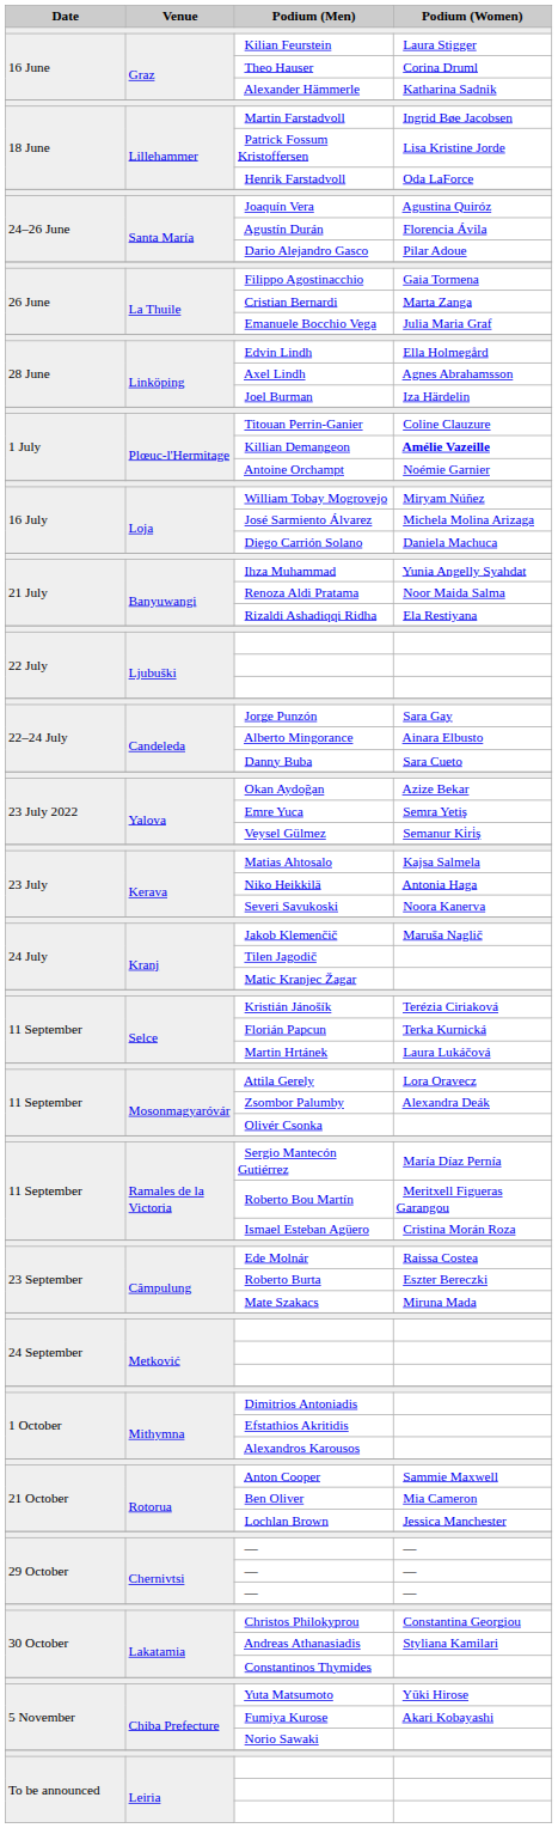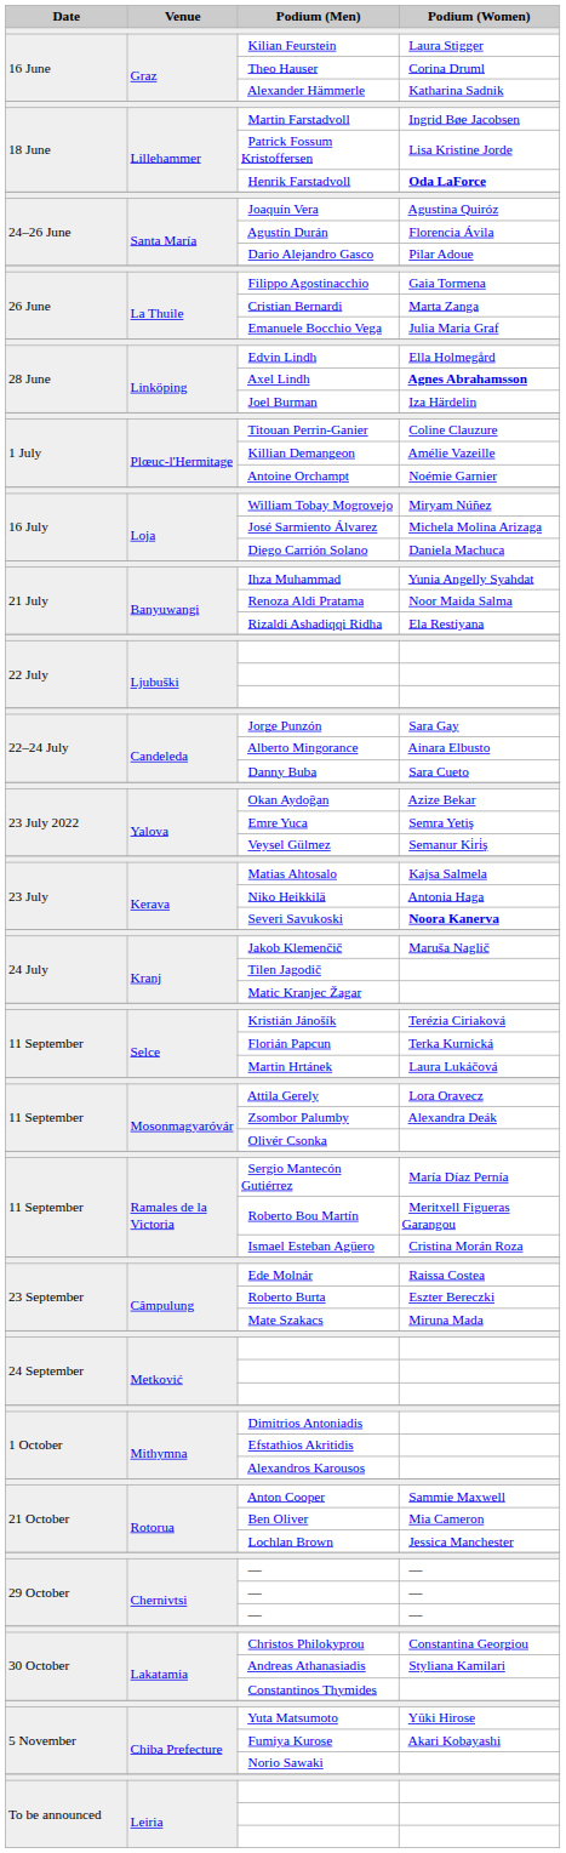 <table class="wikitable" width=70% bgcolor="#f7f8ff" cellpadding="3" cellspacing="0" border="1" style="font-size: 95%; border: gray solid 1px; border-collapse: collapse;">
 <tr bgcolor="#CCCCCC">
 <td align="center"><strong>Date</strong></td>
 <td width=20% align="center"><strong>Venue</strong></td>
 <td width=29% align="center"><strong>Podium (Men)</strong></td>
 <td width=29% align="center"><strong>Podium (Women)</strong></td>
 </tr>
 <tr bgcolor="#EFEFEF">
 <td colspan=4></td>
 </tr>
 <tr bgcolor="#EFEFEF">
 <td rowspan=3>16 June</td>
 <td rowspan=3><br><a href='#'>Graz</a></td>
 <td bgcolor="#ffffff">   <a href='#'>Kilian Feurstein</a></td>
 <td bgcolor="#ffffff">   <a href='#'>Laura Stigger</a></td>
 </tr>
 <tr>
 <td bgcolor="#ffffff">   <a href='#'>Theo Hauser</a></td>
 <td bgcolor="#ffffff">   <a href='#'>Corina Druml</a></td>
 </tr>
 <tr>
 <td bgcolor="#ffffff">   <a href='#'>Alexander Hämmerle</a></td>
 <td bgcolor="#ffffff">   <a href='#'>Katharina Sadnik</a></td>
 </tr>
 <tr>
 </tr>
 <tr bgcolor="#EFEFEF">
 <td colspan=4></td>
 </tr>
 <tr bgcolor="#EFEFEF">
 <td rowspan=3>18 June</td>
 <td rowspan=3><br><a href='#'>Lillehammer</a></td>
 <td bgcolor="#ffffff">   <a href='#'>Martin Farstadvoll</a></td>
 <td bgcolor="#ffffff">   <a href='#'>Ingrid Bøe Jacobsen</a></td>
 </tr>
 <tr>
 <td bgcolor="#ffffff">   <a href='#'>Patrick Fossum Kristoffersen</a></td>
 <td bgcolor="#ffffff">   <a href='#'>Lisa Kristine Jorde</a></td>
 </tr>
 <tr>
 <td bgcolor="#ffffff">   <a href='#'>Henrik Farstadvoll</a></td>
-<td bgcolor="#ffffff">   <a href='#'>Oda LaForce</a></td>
+<td bgcolor="#ffffff"><strong>   <a href='#'>Oda LaForce</a></strong></td>
 </tr>
 <tr>
 </tr>
 <tr bgcolor="#EFEFEF">
 <td colspan=4></td>
 </tr>
 <tr bgcolor="#EFEFEF">
 <td rowspan=3>24–26 June</td>
 <td rowspan=3><br><a href='#'>Santa María</a></td>
 <td bgcolor="#ffffff">   <a href='#'>Joaquín Vera</a></td>
 <td bgcolor="#ffffff">   <a href='#'>Agustina Quiróz</a></td>
 </tr>
 <tr>
 <td bgcolor="#ffffff">   <a href='#'>Agustín Durán</a></td>
 <td bgcolor="#ffffff">   <a href='#'>Florencia Ávila</a></td>
 </tr>
 <tr>
 <td bgcolor="#ffffff">   <a href='#'>Dario Alejandro Gasco</a></td>
 <td bgcolor="#ffffff">   <a href='#'>Pilar Adoue</a></td>
 </tr>
 <tr>
 </tr>
 <tr bgcolor="#EFEFEF">
 <td colspan=4></td>
 </tr>
 <tr bgcolor="#EFEFEF">
 <td rowspan=3>26 June</td>
 <td rowspan=3><br><a href='#'>La Thuile</a></td>
 <td bgcolor="#ffffff">   <a href='#'>Filippo Agostinacchio</a></td>
 <td bgcolor="#ffffff">   <a href='#'>Gaia Tormena</a></td>
 </tr>
 <tr>
 <td bgcolor="#ffffff">   <a href='#'>Cristian Bernardi</a></td>
 <td bgcolor="#ffffff">   <a href='#'>Marta Zanga</a></td>
 </tr>
 <tr>
 <td bgcolor="#ffffff">   <a href='#'>Emanuele Bocchio Vega</a></td>
 <td bgcolor="#ffffff">   <a href='#'>Julia Maria Graf</a></td>
 </tr>
 <tr>
 </tr>
 <tr bgcolor="#EFEFEF">
 <td colspan=4></td>
 </tr>
 <tr bgcolor="#EFEFEF">
 <td rowspan=3>28 June</td>
 <td rowspan=3><br><a href='#'>Linköping</a></td>
 <td bgcolor="#ffffff">   <a href='#'>Edvin Lindh</a></td>
 <td bgcolor="#ffffff">   <a href='#'>Ella Holmegård</a></td>
 </tr>
 <tr>
 <td bgcolor="#ffffff">   <a href='#'>Axel Lindh</a></td>
-<td bgcolor="#ffffff">   <a href='#'>Agnes Abrahamsson</a></td>
+<td bgcolor="#ffffff"><strong>   <a href='#'>Agnes Abrahamsson</a></strong></td>
 </tr>
 <tr>
 <td bgcolor="#ffffff">   <a href='#'>Joel Burman</a></td>
 <td bgcolor="#ffffff">   <a href='#'>Iza Härdelin</a></td>
 </tr>
 <tr>
 </tr>
 <tr bgcolor="#EFEFEF">
 <td colspan=4></td>
 </tr>
 <tr bgcolor="#EFEFEF">
 <td rowspan=3>1 July</td>
 <td rowspan=3><br><a href='#'>Plœuc-l'Hermitage</a></td>
 <td bgcolor="#ffffff">   <a href='#'>Titouan Perrin-Ganier</a></td>
 <td bgcolor="#ffffff">   <a href='#'>Coline Clauzure</a></td>
 </tr>
 <tr>
 <td bgcolor="#ffffff">   <a href='#'>Killian Demangeon</a></td>
-<td bgcolor="#ffffff"><strong>   <a href='#'>Amélie Vazeille</a></strong></td>
+<td bgcolor="#ffffff">   <a href='#'>Amélie Vazeille</a></td>
 </tr>
 <tr>
 <td bgcolor="#ffffff">   <a href='#'>Antoine Orchampt</a></td>
 <td bgcolor="#ffffff">   <a href='#'>Noémie Garnier</a></td>
 </tr>
 <tr>
 </tr>
 <tr bgcolor="#EFEFEF">
 <td colspan=4></td>
 </tr>
 <tr bgcolor="#EFEFEF">
 <td rowspan=3>16 July</td>
 <td rowspan=3><br><a href='#'>Loja</a></td>
 <td bgcolor="#ffffff">   <a href='#'>William Tobay Mogrovejo</a></td>
 <td bgcolor="#ffffff">   <a href='#'>Miryam Núñez</a></td>
 </tr>
 <tr>
 <td bgcolor="#ffffff">   <a href='#'>José Sarmiento Álvarez</a></td>
 <td bgcolor="#ffffff">   <a href='#'>Michela Molina Arizaga</a></td>
 </tr>
 <tr>
 <td bgcolor="#ffffff">   <a href='#'>Diego Carrión Solano</a></td>
 <td bgcolor="#ffffff">   <a href='#'>Daniela Machuca</a></td>
 </tr>
 <tr>
 </tr>
 <tr bgcolor="#EFEFEF">
 <td colspan=4></td>
 </tr>
 <tr bgcolor="#EFEFEF">
 <td rowspan=3>21 July</td>
 <td rowspan=3><br><a href='#'>Banyuwangi</a></td>
 <td bgcolor="#ffffff">   <a href='#'>Ihza Muhammad</a></td>
 <td bgcolor="#ffffff">   <a href='#'>Yunia Angelly Syahdat</a></td>
 </tr>
 <tr>
 <td bgcolor="#ffffff">   <a href='#'>Renoza Aldi Pratama</a></td>
 <td bgcolor="#ffffff">   <a href='#'>Noor Maida Salma</a></td>
 </tr>
 <tr>
 <td bgcolor="#ffffff">   <a href='#'>Rizaldi Ashadiqqi Ridha</a></td>
 <td bgcolor="#ffffff">   <a href='#'>Ela Restiyana</a></td>
 </tr>
 <tr>
 </tr>
 <tr bgcolor="#EFEFEF">
 <td colspan=4></td>
 </tr>
 <tr bgcolor="#EFEFEF">
 <td rowspan=3>22 July</td>
 <td rowspan=3><br><a href='#'>Ljubuški</a></td>
 <td bgcolor="#ffffff">  </td>
 <td bgcolor="#ffffff">  </td>
 </tr>
 <tr>
 <td bgcolor="#ffffff">  </td>
 <td bgcolor="#ffffff">  </td>
 </tr>
 <tr>
 <td bgcolor="#ffffff">  </td>
 <td bgcolor="#ffffff">  </td>
 </tr>
 <tr>
 </tr>
 <tr bgcolor="#EFEFEF">
 <td colspan=4></td>
 </tr>
 <tr bgcolor="#EFEFEF">
 <td rowspan=3>22–24 July</td>
 <td rowspan=3><br><a href='#'>Candeleda</a></td>
 <td bgcolor="#ffffff">   <a href='#'>Jorge Punzón</a></td>
 <td bgcolor="#ffffff">   <a href='#'>Sara Gay</a></td>
 </tr>
 <tr>
 <td bgcolor="#ffffff">   <a href='#'>Alberto Mingorance</a></td>
 <td bgcolor="#ffffff">   <a href='#'>Ainara Elbusto</a></td>
 </tr>
 <tr>
 <td bgcolor="#ffffff">   <a href='#'>Danny Buba</a></td>
 <td bgcolor="#ffffff">   <a href='#'>Sara Cueto</a></td>
 </tr>
 <tr>
 </tr>
 <tr bgcolor="#EFEFEF">
 <td colspan=4></td>
 </tr>
 <tr bgcolor="#EFEFEF">
 <td rowspan=3>23 July 2022</td>
 <td rowspan=3><br><a href='#'>Yalova</a></td>
 <td bgcolor="#ffffff">   <a href='#'>Okan Aydoğan</a></td>
 <td bgcolor="#ffffff">   <a href='#'>Azize Bekar</a></td>
 </tr>
 <tr>
 <td bgcolor="#ffffff">   <a href='#'>Emre Yuca</a></td>
 <td bgcolor="#ffffff">   <a href='#'>Semra Yetiş</a></td>
 </tr>
 <tr>
 <td bgcolor="#ffffff">   <a href='#'>Veysel Gülmez</a></td>
 <td bgcolor="#ffffff">   <a href='#'>Semanur Ki̇ri̇ş</a></td>
 </tr>
 <tr>
 </tr>
 <tr bgcolor="#EFEFEF">
 <td colspan=4></td>
 </tr>
 <tr bgcolor="#EFEFEF">
 <td rowspan=3>23 July</td>
 <td rowspan=3><br><a href='#'>Kerava</a></td>
 <td bgcolor="#ffffff">   <a href='#'>Matias Ahtosalo</a></td>
 <td bgcolor="#ffffff">   <a href='#'>Kajsa Salmela</a></td>
 </tr>
 <tr>
 <td bgcolor="#ffffff">   <a href='#'>Niko Heikkilä</a></td>
 <td bgcolor="#ffffff">   <a href='#'>Antonia Haga</a></td>
 </tr>
 <tr>
 <td bgcolor="#ffffff">   <a href='#'>Severi Savukoski</a></td>
-<td bgcolor="#ffffff">   <a href='#'>Noora Kanerva</a></td>
+<td bgcolor="#ffffff"><strong>   <a href='#'>Noora Kanerva</a></strong></td>
 </tr>
 <tr>
 </tr>
 <tr bgcolor="#EFEFEF">
 <td colspan=4></td>
 </tr>
 <tr bgcolor="#EFEFEF">
 <td rowspan=3>24 July</td>
 <td rowspan=3><br><a href='#'>Kranj</a></td>
 <td bgcolor="#ffffff">   <a href='#'>Jakob Klemenčič</a></td>
 <td bgcolor="#ffffff">   <a href='#'>Maruša Naglič</a></td>
 </tr>
 <tr>
 <td bgcolor="#ffffff">   <a href='#'>Tilen Jagodič</a></td>
 <td bgcolor="#ffffff">  </td>
 </tr>
 <tr>
 <td bgcolor="#ffffff">   <a href='#'>Matic Kranjec Žagar</a></td>
 <td bgcolor="#ffffff">  </td>
 </tr>
 <tr>
 </tr>
 <tr bgcolor="#EFEFEF">
 <td colspan=4></td>
 </tr>
 <tr bgcolor="#EFEFEF">
 <td rowspan=3>11 September</td>
 <td rowspan=3><br><a href='#'>Selce</a></td>
 <td bgcolor="#ffffff">   <a href='#'>Kristián Jánošík</a></td>
 <td bgcolor="#ffffff">   <a href='#'>Terézia Ciriaková</a></td>
 </tr>
 <tr>
 <td bgcolor="#ffffff">   <a href='#'>Florián Papcun</a></td>
 <td bgcolor="#ffffff">   <a href='#'>Terka Kurnická</a></td>
 </tr>
 <tr>
 <td bgcolor="#ffffff">   <a href='#'>Martin Hrtánek</a></td>
 <td bgcolor="#ffffff">   <a href='#'>Laura Lukáčová</a></td>
 </tr>
 <tr>
 </tr>
 <tr bgcolor="#EFEFEF">
 <td colspan=4></td>
 </tr>
 <tr bgcolor="#EFEFEF">
 <td rowspan=3>11 September</td>
 <td rowspan=3><br><a href='#'>Mosonmagyaróvár</a></td>
 <td bgcolor="#ffffff">   <a href='#'>Attila Gerely</a></td>
 <td bgcolor="#ffffff">   <a href='#'>Lora Oravecz</a></td>
 </tr>
 <tr>
 <td bgcolor="#ffffff">   <a href='#'>Zsombor Palumby</a></td>
 <td bgcolor="#ffffff">   <a href='#'>Alexandra Deák</a></td>
 </tr>
 <tr>
 <td bgcolor="#ffffff">   <a href='#'>Olivér Csonka</a></td>
 <td bgcolor="#ffffff">  </td>
 </tr>
 <tr>
 </tr>
 <tr bgcolor="#EFEFEF">
 <td colspan=4></td>
 </tr>
 <tr bgcolor="#EFEFEF">
 <td rowspan=3>11 September</td>
 <td rowspan=3><br><a href='#'>Ramales de la Victoria</a></td>
 <td bgcolor="#ffffff">   <a href='#'>Sergio Mantecón Gutiérrez</a></td>
 <td bgcolor="#ffffff">   <a href='#'>María Díaz Pernía</a></td>
 </tr>
 <tr>
 <td bgcolor="#ffffff">   <a href='#'>Roberto Bou Martín</a></td>
 <td bgcolor="#ffffff">   <a href='#'>Meritxell Figueras Garangou</a></td>
 </tr>
 <tr>
 <td bgcolor="#ffffff">   <a href='#'>Ismael Esteban Agüero</a></td>
 <td bgcolor="#ffffff">   <a href='#'>Cristina Morán Roza</a></td>
 </tr>
 <tr>
 </tr>
 <tr bgcolor="#EFEFEF">
 <td colspan=4></td>
 </tr>
 <tr bgcolor="#EFEFEF">
 <td rowspan=3>23 September</td>
 <td rowspan=3><br><a href='#'>Câmpulung</a></td>
 <td bgcolor="#ffffff">   <a href='#'>Ede Molnár</a></td>
 <td bgcolor="#ffffff">   <a href='#'>Raissa Costea</a></td>
 </tr>
 <tr>
 <td bgcolor="#ffffff">   <a href='#'>Roberto Burta</a></td>
 <td bgcolor="#ffffff">   <a href='#'>Eszter Bereczki</a></td>
 </tr>
 <tr>
 <td bgcolor="#ffffff">   <a href='#'>Mate Szakacs</a></td>
 <td bgcolor="#ffffff">   <a href='#'>Miruna Mada</a></td>
 </tr>
 <tr>
 </tr>
 <tr bgcolor="#EFEFEF">
 <td colspan=4></td>
 </tr>
 <tr bgcolor="#EFEFEF">
 <td rowspan=3>24 September</td>
 <td rowspan=3><br><a href='#'>Metković</a></td>
 <td bgcolor="#ffffff">  </td>
 <td bgcolor="#ffffff">  </td>
 </tr>
 <tr>
 <td bgcolor="#ffffff">  </td>
 <td bgcolor="#ffffff">  </td>
 </tr>
 <tr>
 <td bgcolor="#ffffff">  </td>
 <td bgcolor="#ffffff">  </td>
 </tr>
 <tr>
 </tr>
 <tr bgcolor="#EFEFEF">
 <td colspan=4></td>
 </tr>
 <tr bgcolor="#EFEFEF">
 <td rowspan=3>1 October</td>
 <td rowspan=3><br><a href='#'>Mithymna</a></td>
 <td bgcolor="#ffffff">   <a href='#'>Dimitrios Antoniadis</a></td>
 <td bgcolor="#ffffff">  </td>
 </tr>
 <tr>
 <td bgcolor="#ffffff">   <a href='#'>Efstathios Akritidis</a></td>
 <td bgcolor="#ffffff">  </td>
 </tr>
 <tr>
 <td bgcolor="#ffffff">   <a href='#'>Alexandros Karousos</a></td>
 <td bgcolor="#ffffff">  </td>
 </tr>
 <tr>
 </tr>
 <tr bgcolor="#EFEFEF">
 <td colspan=4></td>
 </tr>
 <tr bgcolor="#EFEFEF">
 <td rowspan=3>21 October</td>
 <td rowspan=3><br><a href='#'>Rotorua</a></td>
 <td bgcolor="#ffffff">   <a href='#'>Anton Cooper</a></td>
 <td bgcolor="#ffffff">   <a href='#'>Sammie Maxwell</a></td>
 </tr>
 <tr>
 <td bgcolor="#ffffff">   <a href='#'>Ben Oliver</a></td>
 <td bgcolor="#ffffff">   <a href='#'>Mia Cameron</a></td>
 </tr>
 <tr>
 <td bgcolor="#ffffff">   <a href='#'>Lochlan Brown</a></td>
 <td bgcolor="#ffffff">   <a href='#'>Jessica Manchester</a></td>
 </tr>
 <tr>
 </tr>
 <tr bgcolor="#EFEFEF">
 <td colspan=4></td>
 </tr>
 <tr bgcolor="#EFEFEF">
 <td rowspan=3>29 October</td>
 <td rowspan=3><br><a href='#'>Chernivtsi</a></td>
 <td bgcolor="#ffffff">   —</td>
 <td bgcolor="#ffffff">   —</td>
 </tr>
 <tr>
 <td bgcolor="#ffffff">   —</td>
 <td bgcolor="#ffffff">   —</td>
 </tr>
 <tr>
 <td bgcolor="#ffffff">   —</td>
 <td bgcolor="#ffffff">   —</td>
 </tr>
 <tr>
 </tr>
 <tr bgcolor="#EFEFEF">
 <td colspan=4></td>
 </tr>
 <tr bgcolor="#EFEFEF">
 <td rowspan=3>30 October</td>
 <td rowspan=3><br><a href='#'>Lakatamia</a></td>
 <td bgcolor="#ffffff">   <a href='#'>Christos Philokyprou</a></td>
 <td bgcolor="#ffffff">   <a href='#'>Constantina Georgiou</a></td>
 </tr>
 <tr>
 <td bgcolor="#ffffff">   <a href='#'>Andreas Athanasiadis</a></td>
 <td bgcolor="#ffffff">   <a href='#'>Styliana Kamilari</a></td>
 </tr>
 <tr>
 <td bgcolor="#ffffff">   <a href='#'>Constantinos Thymides</a></td>
 <td bgcolor="#ffffff">  </td>
 </tr>
 <tr>
 </tr>
 <tr bgcolor="#EFEFEF">
 <td colspan=4></td>
 </tr>
 <tr bgcolor="#EFEFEF">
 <td rowspan=3>5 November</td>
 <td rowspan=3><br><a href='#'>Chiba Prefecture</a></td>
 <td bgcolor="#ffffff">   <a href='#'>Yuta Matsumoto</a></td>
 <td bgcolor="#ffffff">   <a href='#'>Yūki Hirose</a></td>
 </tr>
 <tr>
 <td bgcolor="#ffffff">   <a href='#'>Fumiya Kurose</a></td>
 <td bgcolor="#ffffff">   <a href='#'>Akari Kobayashi</a></td>
 </tr>
 <tr>
 <td bgcolor="#ffffff">   <a href='#'>Norio Sawaki</a></td>
 <td bgcolor="#ffffff">  </td>
 </tr>
 <tr>
 </tr>
 <tr bgcolor="#EFEFEF">
 <td colspan=4></td>
 </tr>
 <tr bgcolor="#EFEFEF">
 <td rowspan=3>To be announced</td>
 <td rowspan=3><br><a href='#'>Leiria</a></td>
 <td bgcolor="#ffffff">  </td>
 <td bgcolor="#ffffff">  </td>
 </tr>
 <tr>
 <td bgcolor="#ffffff">  </td>
 <td bgcolor="#ffffff">  </td>
 </tr>
 <tr>
 <td bgcolor="#ffffff">  </td>
 <td bgcolor="#ffffff">  </td>
 </tr>
 </table>
